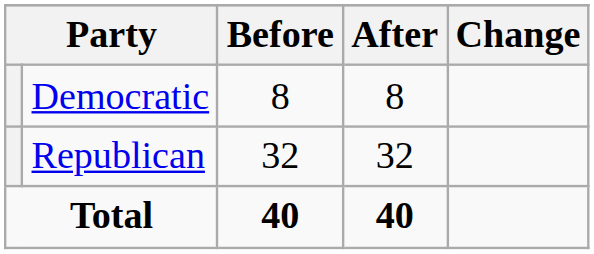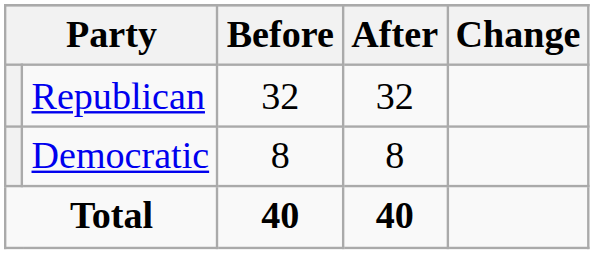 <table class="wikitable" style="text-align:center;">
 <tr>
 </tr>
 <tr>
 <th colspan=2>Party</th>
 <th>Before</th>
 <th>After</th>
 <th>Change</th>
 </tr>
 <tr>
 <th style="background-color:"></th>
-<td style="text-align:left;"><a href='#'>Democratic</a></td>
-<td>8</td>
-<td>8</td>
+<td style="text-align:left;"><a href='#'>Republican</a></td>
+<td>32</td>
+<td>32</td>
 <td></td>
 </tr>
 <tr>
 <th style="background-color:"></th>
-<td style="text-align:left;"><a href='#'>Republican</a></td>
-<td>32</td>
-<td>32</td>
+<td style="text-align:left;"><a href='#'>Democratic</a></td>
+<td>8</td>
+<td>8</td>
 <td></td>
 </tr>
 <tr>
 <td colspan=2><strong>Total</strong></td>
 <td><strong>40</strong></td>
 <td><strong>40</strong></td>
 <td></td>
 </tr>
 </table>
